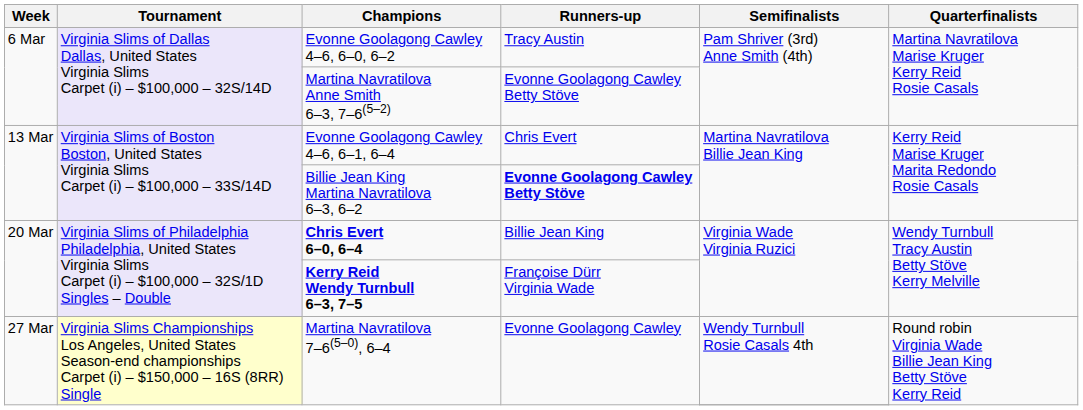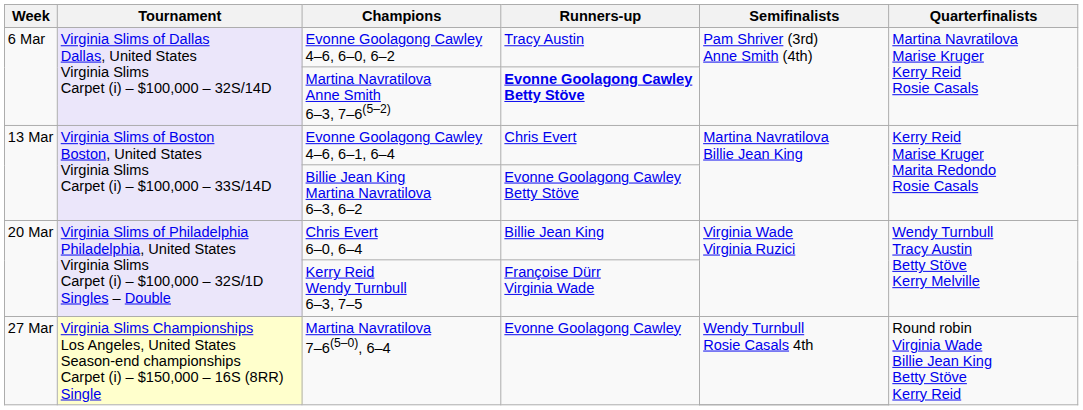 <table class=wikitable style=font-size:95%>
 <tr>
 <th style="width:48px;">Week</th>
 <th style="width:248px;">Tournament</th>
 <th style="width:200px;">Champions</th>
 <th style="width:200px;">Runners-up</th>
 <th style="width:190px;">Semifinalists</th>
 <th style="width:190px;">Quarterfinalists</th>
 </tr>
 <tr style="vertical-align: top;">
 <td rowspan=2>6 Mar</td>
 <td style="background:#ebe6fa;" rowspan="2"><a href='#'>Virginia Slims of Dallas</a><br> <a href='#'>Dallas</a>, United States<br>Virginia Slims<br>Carpet (i) – $100,000 – 32S/14D</td>
 <td> <a href='#'>Evonne Goolagong Cawley</a> <br>4–6, 6–0, 6–2</td>
 <td> <a href='#'>Tracy Austin</a></td>
 <td rowspan=2> <a href='#'>Pam Shriver</a> (3rd) <br>  <a href='#'>Anne Smith</a> (4th)</td>
 <td rowspan=2> <a href='#'>Martina Navratilova</a><br> <a href='#'>Marise Kruger</a><br> <a href='#'>Kerry Reid</a><br> <a href='#'>Rosie Casals</a></td>
 </tr>
 <tr style="vertical-align: top;">
 <td> <a href='#'>Martina Navratilova</a><br>  <a href='#'>Anne Smith</a> <br>6–3, 7–6<sup>(5–2)</sup></td>
-<td> <a href='#'>Evonne Goolagong Cawley</a> <br>  <a href='#'>Betty Stöve</a></td>
+<td><strong> <a href='#'>Evonne Goolagong Cawley</a> <br>  <a href='#'>Betty Stöve</a></strong></td>
 </tr>
 <tr style="vertical-align: top;">
 <td rowspan=2>13 Mar</td>
 <td style="background:#ebe6fa;" rowspan="2"><a href='#'>Virginia Slims of Boston</a><br> <a href='#'>Boston</a>, United States<br>Virginia Slims<br>Carpet (i) – $100,000 – 33S/14D</td>
 <td> <a href='#'>Evonne Goolagong Cawley</a> <br>4–6, 6–1, 6–4</td>
 <td> <a href='#'>Chris Evert</a></td>
 <td rowspan=2> <a href='#'>Martina Navratilova</a><br>  <a href='#'>Billie Jean King</a></td>
 <td rowspan=2> <a href='#'>Kerry Reid</a><br> <a href='#'>Marise Kruger</a><br> <a href='#'>Marita Redondo</a><br>  <a href='#'>Rosie Casals</a></td>
 </tr>
 <tr style="vertical-align: top;">
 <td> <a href='#'>Billie Jean King</a><br> <a href='#'>Martina Navratilova</a> <br> 6–3, 6–2</td>
-<td><strong> <a href='#'>Evonne Goolagong Cawley</a><br>  <a href='#'>Betty Stöve</a></strong></td>
+<td> <a href='#'>Evonne Goolagong Cawley</a><br>  <a href='#'>Betty Stöve</a></td>
 </tr>
 <tr style="vertical-align: top;">
 <td rowspan=2>20 Mar</td>
 <td style="background:#ebe6fa;" rowspan="2"><a href='#'>Virginia Slims of Philadelphia</a><br> <a href='#'>Philadelphia</a>, United States<br>Virginia Slims<br>Carpet (i) – $100,000 – 32S/1D<br><a href='#'>Singles</a> – <a href='#'>Double</a></td>
-<td><strong> <a href='#'>Chris Evert</a> <br>6–0, 6–4</strong></td>
+<td> <a href='#'>Chris Evert</a> <br>6–0, 6–4</td>
 <td> <a href='#'>Billie Jean King</a></td>
 <td rowspan=2> <a href='#'>Virginia Wade</a><br> <a href='#'>Virginia Ruzici</a></td>
 <td rowspan=2> <a href='#'>Wendy Turnbull</a><br> <a href='#'>Tracy Austin</a><br> <a href='#'>Betty Stöve</a><br> <a href='#'>Kerry Melville</a></td>
 </tr>
 <tr style="vertical-align: top;">
-<td><strong> <a href='#'>Kerry Reid</a><br>  <a href='#'>Wendy Turnbull</a> <br>6–3, 7–5</strong></td>
+<td> <a href='#'>Kerry Reid</a><br>  <a href='#'>Wendy Turnbull</a> <br>6–3, 7–5</td>
 <td> <a href='#'>Françoise Dürr</a><br> <a href='#'>Virginia Wade</a></td>
 </tr>
 <tr style="vertical-align: top;">
 <td rowspan=2>27 Mar</td>
 <td style="background:#ffc;" rowspan="2"><a href='#'>Virginia Slims Championships</a><br> Los Angeles, United States<br>Season-end championships<br>Carpet (i) – $150,000 – 16S (8RR)<br><a href='#'>Single</a></td>
 <td rowspan=2> <a href='#'>Martina Navratilova</a> <br>7–6<sup>(5–0)</sup>, 6–4</td>
 <td rowspan=2> <a href='#'>Evonne Goolagong Cawley</a></td>
 <td> <a href='#'>Wendy Turnbull</a> <br>  <a href='#'>Rosie Casals</a> 4th</td>
 <td rowspan=2>Round robin<br>  <a href='#'>Virginia Wade</a> <br>  <a href='#'>Billie Jean King</a><br> <a href='#'>Betty Stöve</a><br> <a href='#'>Kerry Reid</a></td>
 </tr>
 <tr style="vertical-align: top;">
 </tr>
 </table>
